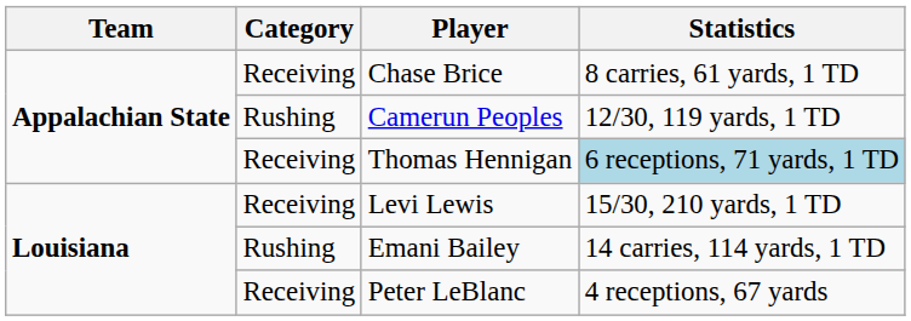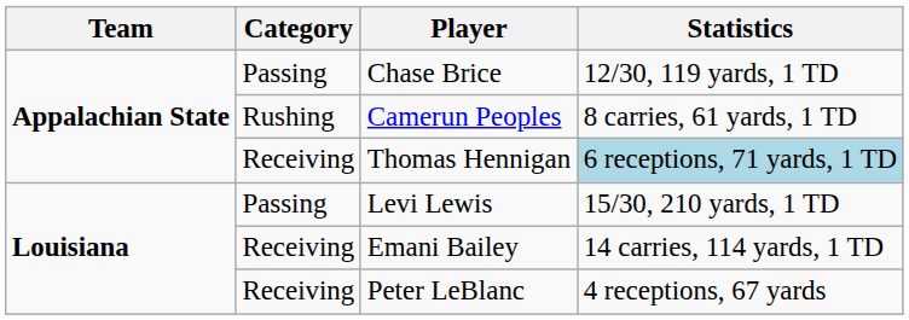 <table class="wikitable" style="float: left;">
 <tr>
 <th>Team</th>
 <th>Category</th>
 <th>Player</th>
 <th>Statistics</th>
 </tr>
 <tr>
 <td rowspan=3><strong>Appalachian State</strong></td>
-<td>Receiving</td>
+<td>Passing</td>
 <td>Chase Brice</td>
-<td>8 carries, 61 yards, 1 TD</td>
+<td>12/30, 119 yards, 1 TD</td>
 </tr>
 <tr>
 <td>Rushing</td>
 <td><a href='#'>Camerun Peoples</a></td>
-<td>12/30, 119 yards, 1 TD</td>
+<td>8 carries, 61 yards, 1 TD</td>
 </tr>
 <tr>
 <td>Receiving</td>
 <td>Thomas Hennigan</td>
 <td style="background: lightblue;">6 receptions, 71 yards, 1 TD</td>
 </tr>
 <tr>
 <td rowspan=3><strong>Louisiana</strong></td>
-<td>Receiving</td>
+<td>Passing</td>
 <td>Levi Lewis</td>
 <td>15/30, 210 yards, 1 TD</td>
 </tr>
 <tr>
-<td>Rushing</td>
+<td>Receiving</td>
 <td>Emani Bailey</td>
 <td>14 carries, 114 yards, 1 TD</td>
 </tr>
 <tr>
 <td>Receiving</td>
 <td>Peter LeBlanc</td>
 <td>4 receptions, 67 yards</td>
 </tr>
 </table>
